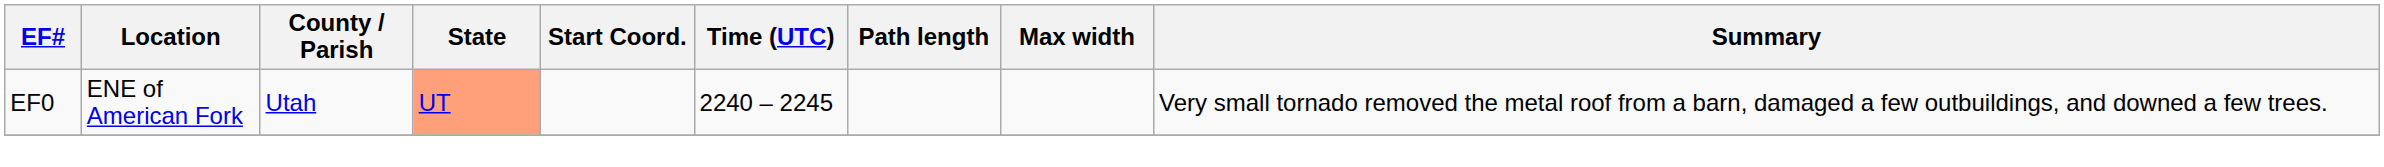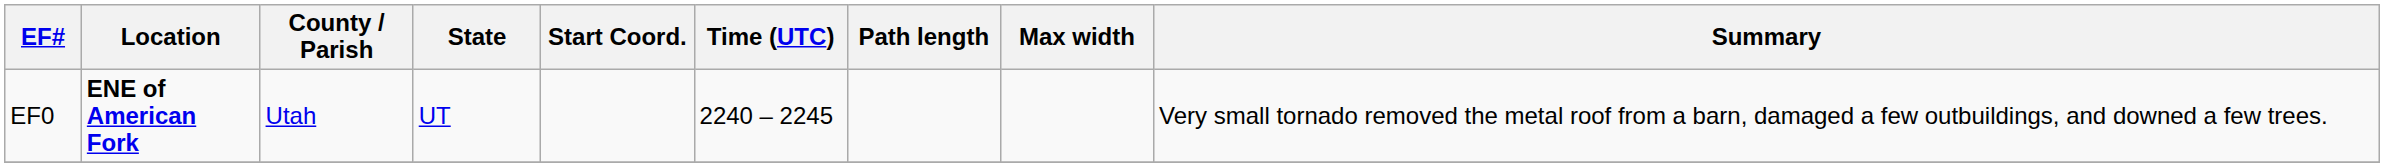 <table class="wikitable sortable" style="width:100%;">
 <tr>
 <th scope="col" width="3%" align="center"><a href='#'>EF#</a></th>
 <th scope="col" width="7%" align="center" class="unsortable">Location</th>
 <th scope="col" width="6%" align="center" class="unsortable">County / Parish</th>
 <th scope="col" width="5%" align="center">State</th>
 <th scope="col" width="6%" align="center">Start Coord.</th>
 <th scope="col" width="6%" align="center">Time (<a href='#'>UTC</a>)</th>
 <th scope="col" width="6%" align="center">Path length</th>
 <th scope="col" width="6%" align="center">Max width</th>
 <th scope="col" width="48%" class="unsortable" align="center">Summary</th>
 </tr>
 <tr>
 <td>EF0</td>
-<td>ENE of <a href='#'>American Fork</a></td>
+<td><strong>ENE of <a href='#'>American Fork</a></strong></td>
 <td><a href='#'>Utah</a></td>
-<td style="background: lightsalmon;"><a href='#'>UT</a></td>
+<td><a href='#'>UT</a></td>
 <td></td>
 <td>2240 – 2245</td>
 <td></td>
 <td></td>
 <td>Very small tornado removed the metal roof from a barn, damaged a few outbuildings, and downed a few trees.</td>
 </tr>
 <tr>
 </tr>
 </table>
